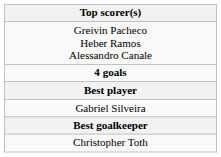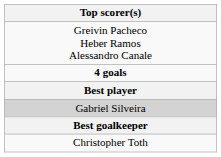 <table class="wikitable" style="margin: 1em auto 1em auto;">
 <tr>
 <th width=300>Top scorer(s)</th>
 </tr>
 <tr align=center style="background:">
 <td style="text-align:center;"> Greivin Pacheco<br> Heber Ramos<br> Alessandro Canale</td>
 </tr>
 <tr>
 <td style="text-align:center;"><strong>4 goals</strong></td>
 </tr>
 <tr>
 <th>Best player</th>
 </tr>
 <tr>
-<td style="text-align:center;"> Gabriel Silveira</td>
+<td style="background: lightgrey; text-align:center;"> Gabriel Silveira</td>
 </tr>
 <tr>
 <th>Best goalkeeper</th>
 </tr>
 <tr>
 <td style="text-align:center;"> Christopher Toth</td>
 </tr>
 </table>
